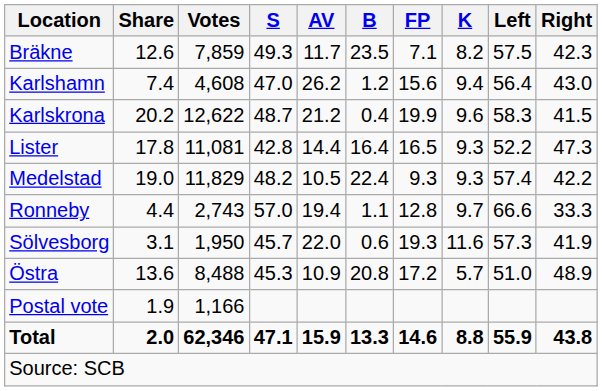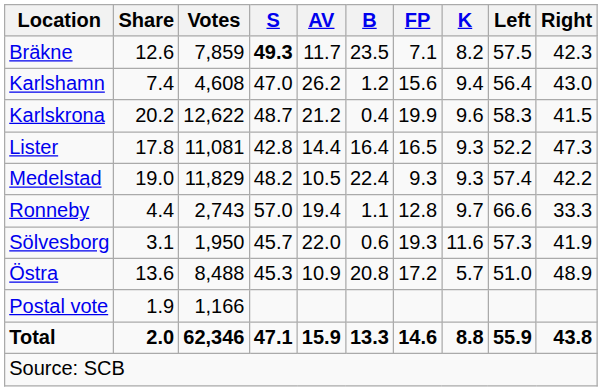 <table class="wikitable sortable" style=text-align:right>
 <tr>
 <th>Location</th>
 <th>Share</th>
 <th>Votes</th>
 <th><a href='#'>S</a></th>
 <th><a href='#'>AV</a></th>
 <th><a href='#'>B</a></th>
 <th><a href='#'>FP</a></th>
 <th><a href='#'>K</a></th>
 <th>Left</th>
 <th>Right</th>
 </tr>
 <tr>
 <td align=left><a href='#'>Bräkne</a></td>
 <td>12.6</td>
 <td>7,859</td>
-<td>49.3</td>
+<td><strong>49.3</strong></td>
 <td>11.7</td>
 <td>23.5</td>
 <td>7.1</td>
 <td>8.2</td>
 <td>57.5</td>
 <td>42.3</td>
 </tr>
 <tr>
 <td align=left><a href='#'>Karlshamn</a></td>
 <td>7.4</td>
 <td>4,608</td>
 <td>47.0</td>
 <td>26.2</td>
 <td>1.2</td>
 <td>15.6</td>
 <td>9.4</td>
 <td>56.4</td>
 <td>43.0</td>
 </tr>
 <tr>
 <td align=left><a href='#'>Karlskrona</a></td>
 <td>20.2</td>
 <td>12,622</td>
 <td>48.7</td>
 <td>21.2</td>
 <td>0.4</td>
 <td>19.9</td>
 <td>9.6</td>
 <td>58.3</td>
 <td>41.5</td>
 </tr>
 <tr>
 <td align=left><a href='#'>Lister</a></td>
 <td>17.8</td>
 <td>11,081</td>
 <td>42.8</td>
 <td>14.4</td>
 <td>16.4</td>
 <td>16.5</td>
 <td>9.3</td>
 <td>52.2</td>
 <td>47.3</td>
 </tr>
 <tr>
 <td align=left><a href='#'>Medelstad</a></td>
 <td>19.0</td>
 <td>11,829</td>
 <td>48.2</td>
 <td>10.5</td>
 <td>22.4</td>
 <td>9.3</td>
 <td>9.3</td>
 <td>57.4</td>
 <td>42.2</td>
 </tr>
 <tr>
 <td align=left><a href='#'>Ronneby</a></td>
 <td>4.4</td>
 <td>2,743</td>
 <td>57.0</td>
 <td>19.4</td>
 <td>1.1</td>
 <td>12.8</td>
 <td>9.7</td>
 <td>66.6</td>
 <td>33.3</td>
 </tr>
 <tr>
 <td align=left><a href='#'>Sölvesborg</a></td>
 <td>3.1</td>
 <td>1,950</td>
 <td>45.7</td>
 <td>22.0</td>
 <td>0.6</td>
 <td>19.3</td>
 <td>11.6</td>
 <td>57.3</td>
 <td>41.9</td>
 </tr>
 <tr>
 <td align=left><a href='#'>Östra</a></td>
 <td>13.6</td>
 <td>8,488</td>
 <td>45.3</td>
 <td>10.9</td>
 <td>20.8</td>
 <td>17.2</td>
 <td>5.7</td>
 <td>51.0</td>
 <td>48.9</td>
 </tr>
 <tr>
 <td align=left><a href='#'>Postal vote</a></td>
 <td>1.9</td>
 <td>1,166</td>
 <td></td>
 <td></td>
 <td></td>
 <td></td>
 <td></td>
 <td></td>
 <td></td>
 </tr>
 <tr>
 <td align=left><strong>Total</strong></td>
 <td><strong>2.0</strong></td>
 <td><strong>62,346</strong></td>
 <td><strong>47.1</strong></td>
 <td><strong>15.9</strong></td>
 <td><strong>13.3</strong></td>
 <td><strong>14.6</strong></td>
 <td><strong>8.8</strong></td>
 <td><strong>55.9</strong></td>
 <td><strong>43.8</strong></td>
 </tr>
 <tr>
 <td align=left colspan=10>Source: SCB </td>
 </tr>
 </table>
